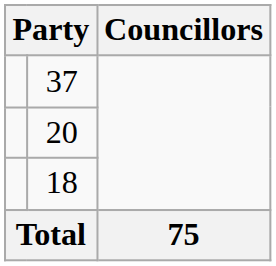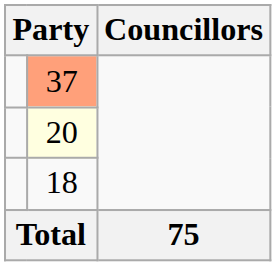 <table class="wikitable">
 <tr>
 <th colspan=2>Party</th>
 <th>Councillors</th>
 </tr>
 <tr>
 <td></td>
-<td align=center>37</td>
+<td align=center style="background: lightsalmon;">37</td>
 </tr>
 <tr>
 <td></td>
-<td align=center>20</td>
+<td align=center style="background: lightyellow;">20</td>
 </tr>
 <tr>
 <td></td>
 <td align=center>18</td>
 </tr>
 <tr>
 <th colspan=2>Total</th>
 <th align=center>75</th>
 </tr>
 </table>
